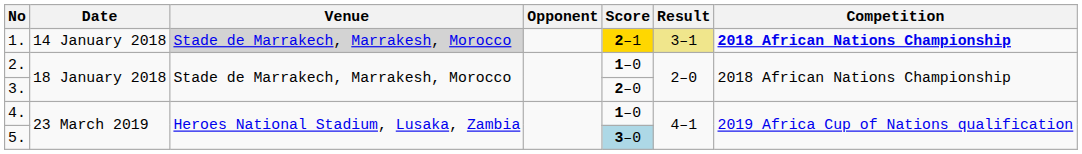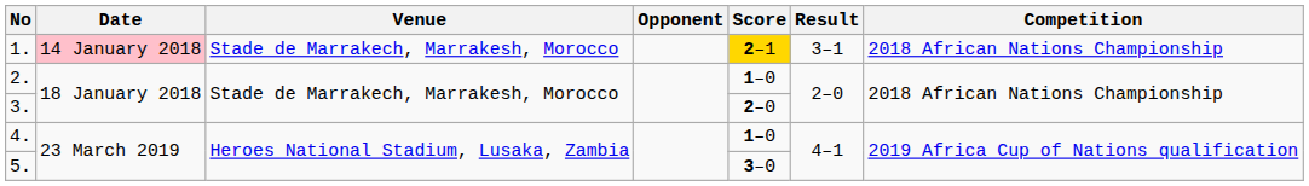 <table class="wikitable" style="font-size:100%;">
 <tr>
 <th>No</th>
 <th>Date</th>
 <th>Venue</th>
 <th>Opponent</th>
 <th>Score</th>
 <th>Result</th>
 <th>Competition</th>
 </tr>
 <tr>
 <td>1.</td>
-<td>14 January 2018</td>
-<td style="background: lightgrey;"><a href='#'>Stade de Marrakech</a>, <a href='#'>Marrakesh</a>, <a href='#'>Morocco</a></td>
+<td style="background: pink;">14 January 2018</td>
+<td><a href='#'>Stade de Marrakech</a>, <a href='#'>Marrakesh</a>, <a href='#'>Morocco</a></td>
 <td></td>
 <td align=center style="background: gold;"><strong>2</strong>–1</td>
-<td align=center style="background: khaki;">3–1</td>
-<td><strong><a href='#'>2018 African Nations Championship</a></strong></td>
+<td align=center>3–1</td>
+<td><a href='#'>2018 African Nations Championship</a></td>
 </tr>
 <tr>
 <td>2.</td>
 <td rowspan="2">18 January 2018</td>
 <td rowspan="2">Stade de Marrakech, Marrakesh, Morocco</td>
 <td rowspan="2"></td>
 <td align=center><strong>1</strong>–0</td>
 <td rowspan="2" style="text-align:center">2–0</td>
 <td rowspan="2">2018 African Nations Championship</td>
 </tr>
 <tr>
 <td>3.</td>
 <td align=center><strong>2</strong>–0</td>
 </tr>
 <tr>
 <td>4.</td>
 <td rowspan="2">23 March 2019</td>
 <td rowspan="2"><a href='#'>Heroes National Stadium</a>, <a href='#'>Lusaka</a>, <a href='#'>Zambia</a></td>
 <td rowspan="2"></td>
 <td align=center><strong>1</strong>–0</td>
 <td rowspan="2" style="text-align:center">4–1</td>
 <td rowspan="2"><a href='#'>2019 Africa Cup of Nations qualification</a></td>
 </tr>
 <tr>
 <td>5.</td>
-<td align=center style="background: lightblue;"><strong>3</strong>–0</td>
+<td align=center><strong>3</strong>–0</td>
 </tr>
 </table>
